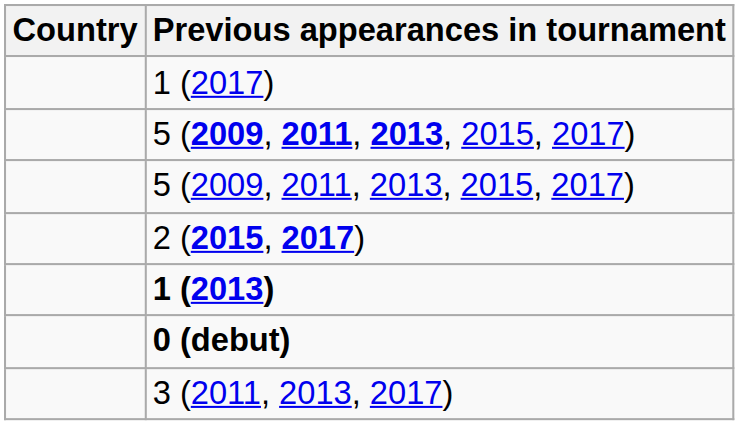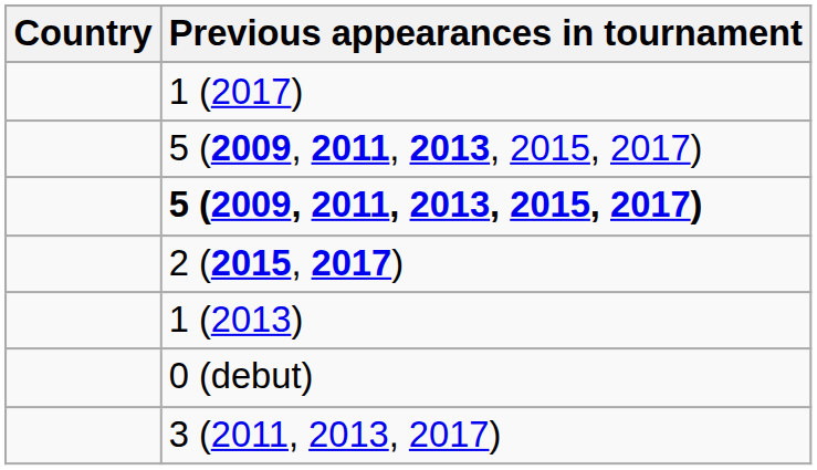 <table class="wikitable sortable">
 <tr>
 <th>Country</th>
 <th>Previous appearances in tournament</th>
 </tr>
 <tr>
 <td></td>
 <td>1 (<a href='#'>2017</a>)</td>
 </tr>
 <tr>
 <td></td>
 <td>5 (<strong><a href='#'>2009</a></strong>, <strong><a href='#'>2011</a></strong>, <strong><a href='#'>2013</a></strong>, <a href='#'>2015</a>, <a href='#'>2017</a>)</td>
 </tr>
 <tr>
 <td></td>
-<td>5 (<a href='#'>2009</a>, <a href='#'>2011</a>, <a href='#'>2013</a>, <a href='#'>2015</a>, <a href='#'>2017</a>)</td>
+<td><strong>5 (<a href='#'>2009</a>, <a href='#'>2011</a>, <a href='#'>2013</a>, <a href='#'>2015</a>, <a href='#'>2017</a>)</strong></td>
 </tr>
 <tr>
 <td></td>
 <td>2 (<strong><a href='#'>2015</a></strong>, <strong><a href='#'>2017</a></strong>)</td>
 </tr>
 <tr>
 <td></td>
-<td><strong>1 (<a href='#'>2013</a>)</strong></td>
+<td>1 (<a href='#'>2013</a>)</td>
 </tr>
 <tr>
 <td></td>
-<td><strong>0 (debut)</strong></td>
+<td>0 (debut)</td>
 </tr>
 <tr>
 <td></td>
 <td>3 (<a href='#'>2011</a>, <a href='#'>2013</a>, <a href='#'>2017</a>)</td>
 </tr>
 </table>
